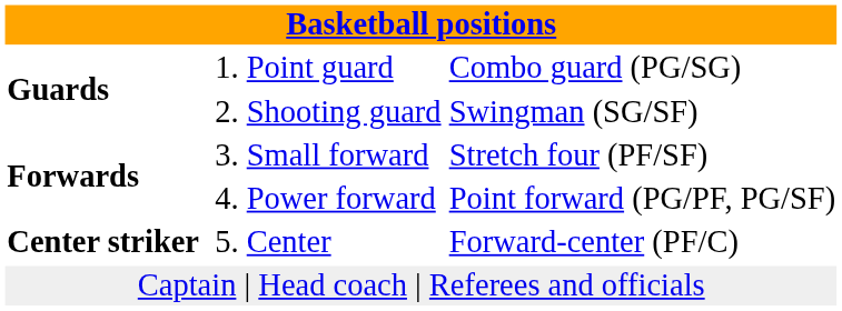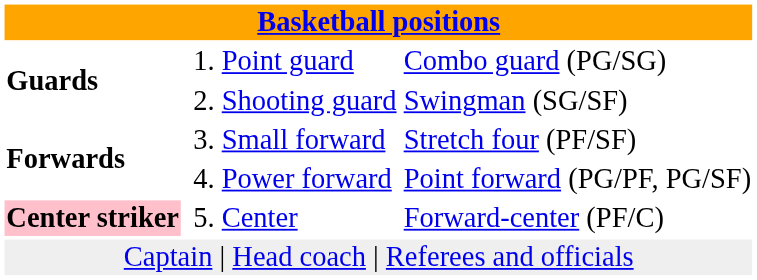 <table class="toccolours">
 <tr>
 <th colspan="5" style="background:#FFA500; text-align:center;"><a href='#'>Basketball positions</a></th>
 </tr>
 <tr>
 <td rowspan=2><strong>Guards</strong></td>
 <td rowspan=5></td>
 <td>1. <a href='#'>Point guard</a></td>
 <td><a href='#'>Combo guard</a> (PG/SG)</td>
 </tr>
 <tr>
 <td>2. <a href='#'>Shooting guard</a></td>
 <td><a href='#'>Swingman</a> (SG/SF)</td>
 </tr>
 <tr>
 <td rowspan=2><strong>Forwards</strong></td>
 <td>3. <a href='#'>Small forward</a></td>
 <td><a href='#'>Stretch four</a> (PF/SF)</td>
 </tr>
 <tr>
 <td>4. <a href='#'>Power forward</a></td>
 <td><a href='#'>Point forward</a> (PG/PF, PG/SF)</td>
 </tr>
 <tr>
-<td><strong>Center striker</strong></td>
+<td style="background: pink;"><strong>Center striker</strong></td>
 <td>5. <a href='#'>Center</a></td>
 <td><a href='#'>Forward-center</a> (PF/C)</td>
 </tr>
 <tr>
 <td colspan=4 align=center bgcolor=#efefef><a href='#'>Captain</a> | <a href='#'>Head coach</a> | <a href='#'>Referees and officials</a></td>
 </tr>
 </table>
